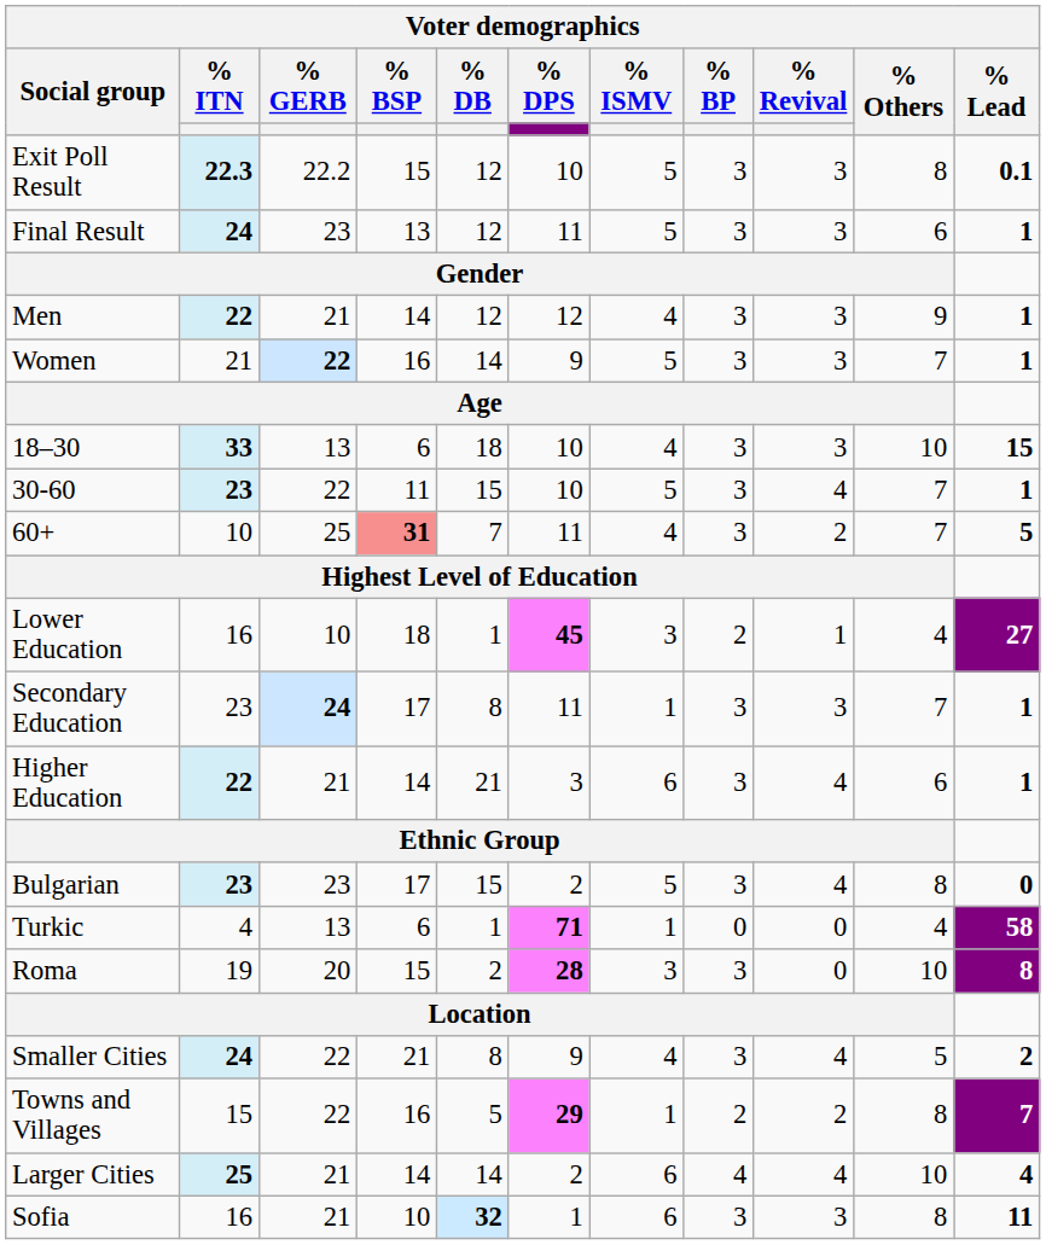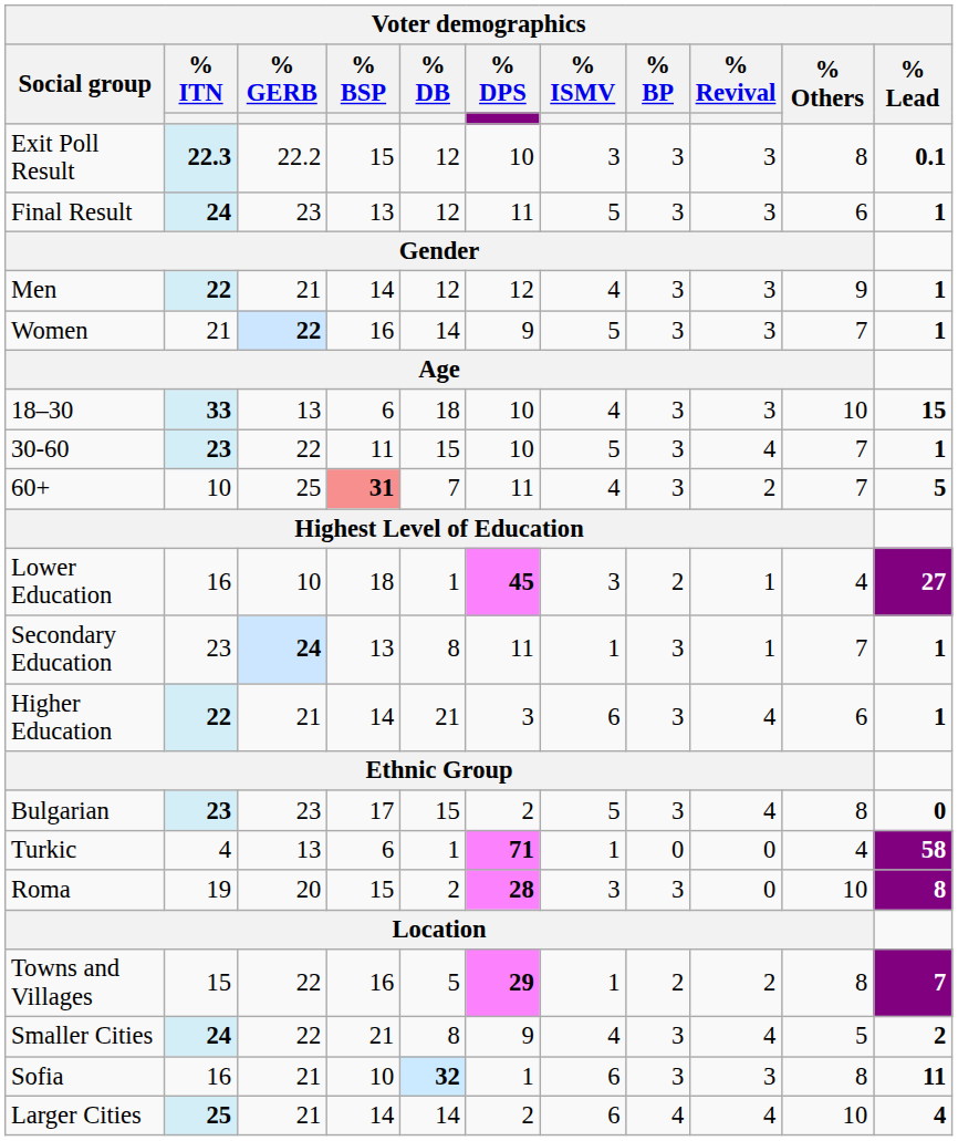 <table class=wikitable>
 <tr>
 <th colspan=11>Voter demographics</th>
 </tr>
 <tr>
 <th style="width:150px;" rowspan="2">Social group</th>
 <th style="width:60px;" class="unsortable">% <a href='#'>ITN</a></th>
 <th style="width:60px;" class="unsortable">% <a href='#'>GERB</a></th>
 <th style="width:60px;" class="unsortable">% <a href='#'>BSP</a></th>
 <th style="width:60px;" class="unsortable">% <a href='#'>DB</a></th>
 <th style="width:60px;" class="unsortable">% <a href='#'>DPS</a></th>
 <th style="width:60px;" class="unsortable">% <a href='#'>ISMV</a></th>
 <th style="width:60px;" class="unsortable">% <a href='#'>BP</a></th>
 <th>% <a href='#'>Revival</a></th>
 <th style="width:60px;" rowspan="2" class="unsortable">% Others</th>
 <th style="width:60px;" rowspan="2" class="unsortable">% Lead</th>
 </tr>
 <tr>
 <th class="unsortable" style="color:inherit;background:"></th>
 <th class="unsortable" style="color:inherit;background:"></th>
 <th class="unsortable" style="color:inherit;background:"></th>
 <th class="unsortable" style="color:inherit;background:"></th>
 <th class="unsortable" style="color:inherit;background:#800080;  width:60px;"></th>
 <th class="unsortable" style="color:inherit;background:"></th>
 <th class="unsortable" style="color:inherit;background:"></th>
 <th class="unsortable" style="color:inherit;background:"></th>
 </tr>
 <tr>
 <td>Exit Poll Result</td>
 <td style="text-align:right; background:#D4EEF7;"><strong>22.3</strong></td>
 <td style="text-align:right;">22.2</td>
 <td style="text-align:right;">15</td>
 <td style="text-align:right;">12</td>
 <td style="text-align:right;">10</td>
-<td style="text-align:right;">5</td>
+<td style="text-align:right;">3</td>
 <td style="text-align:right;">3</td>
 <td style="text-align:right;">3</td>
 <td style="text-align:right;">8</td>
 <td style="text-align:right; background:"><strong>0.1</strong></td>
 </tr>
 <tr>
 <td>Final Result</td>
 <td style="text-align:right; background:#D4EEF7;"><strong>24</strong></td>
 <td style="text-align:right;">23</td>
 <td style="text-align:right;">13</td>
 <td style="text-align:right;">12</td>
 <td style="text-align:right;">11</td>
 <td style="text-align:right;">5</td>
 <td style="text-align:right;">3</td>
 <td style="text-align:right;">3</td>
 <td style="text-align:right;">6</td>
 <td style="text-align:right; background:"><strong>1</strong></td>
 </tr>
 <tr>
 <th colspan=10>Gender</th>
 </tr>
 <tr>
 <td>Men</td>
 <td style="text-align:right; background:#D4EEF7;"><strong>22</strong></td>
 <td style="text-align:right;">21</td>
 <td style="text-align:right;">14</td>
 <td style="text-align:right;">12</td>
 <td style="text-align:right;">12</td>
 <td style="text-align:right;">4</td>
 <td style="text-align:right;">3</td>
 <td style="text-align:right;">3</td>
 <td style="text-align:right;">9</td>
 <td style="text-align:right; background:"><strong>1</strong></td>
 </tr>
 <tr>
 <td>Women</td>
 <td style="text-align:right;">21</td>
 <td style="text-align:right; background:#CCE6FF;"><strong>22</strong></td>
 <td style="text-align:right;">16</td>
 <td style="text-align:right;">14</td>
 <td style="text-align:right;">9</td>
 <td style="text-align:right;">5</td>
 <td style="text-align:right;">3</td>
 <td style="text-align:right;">3</td>
 <td style="text-align:right;">7</td>
 <td style="text-align:right; background:"><strong>1</strong></td>
 </tr>
 <tr>
 <th colspan=10>Age</th>
 </tr>
 <tr>
 <td>18–30</td>
 <td style="text-align:right; background:#D4EEF7;"><strong>33</strong></td>
 <td style="text-align:right;">13</td>
 <td style="text-align:right;">6</td>
 <td style="text-align:right;">18</td>
 <td style="text-align:right;">10</td>
 <td style="text-align:right;">4</td>
 <td style="text-align:right;">3</td>
 <td style="text-align:right;">3</td>
 <td style="text-align:right;">10</td>
 <td style="text-align:right; background:"><strong>15</strong></td>
 </tr>
 <tr>
 <td>30-60</td>
 <td style="text-align:right; background:#D4EEF7;"><strong>23</strong></td>
 <td style="text-align:right;">22</td>
 <td style="text-align:right;">11</td>
 <td style="text-align:right;">15</td>
 <td style="text-align:right;">10</td>
 <td style="text-align:right;">5</td>
 <td style="text-align:right;">3</td>
 <td style="text-align:right;">4</td>
 <td style="text-align:right;">7</td>
 <td style="text-align:right; background:"><strong>1</strong></td>
 </tr>
 <tr>
 <td>60+</td>
 <td style="text-align:right;">10</td>
 <td style="text-align:right;">25</td>
 <td style="text-align:right; background:#F78F8F;"><strong>31</strong></td>
 <td style="text-align:right;">7</td>
 <td style="text-align:right;">11</td>
 <td style="text-align:right;">4</td>
 <td style="text-align:right;">3</td>
 <td style="text-align:right;">2</td>
 <td style="text-align:right;">7</td>
 <td style="text-align:right; background:"><strong>5</strong></td>
 </tr>
 <tr>
 <th colspan=10>Highest Level of Education</th>
 </tr>
 <tr>
 <td>Lower Education</td>
 <td style="text-align:right;">16</td>
 <td style="text-align:right;">10</td>
 <td style="text-align:right;">18</td>
 <td style="text-align:right;">1</td>
 <td style="text-align:right; background:#FC81FC"><strong>45</strong></td>
 <td style="text-align:right;">3</td>
 <td style="text-align:right;">2</td>
 <td style="text-align:right;">1</td>
 <td style="text-align:right;">4</td>
 <td style="text-align:right; background:#800080; color:white;"><strong>27</strong></td>
 </tr>
 <tr>
 <td>Secondary Education</td>
 <td style="text-align:right;">23</td>
 <td style="text-align:right; background:#CCE6FF;"><strong>24</strong></td>
-<td style="text-align:right;">17</td>
+<td style="text-align:right;">13</td>
 <td style="text-align:right;">8</td>
 <td style="text-align:right;">11</td>
 <td style="text-align:right;">1</td>
 <td style="text-align:right;">3</td>
-<td style="text-align:right;">3</td>
+<td style="text-align:right;">1</td>
 <td style="text-align:right;">7</td>
 <td style="text-align:right; background:"><strong>1</strong></td>
 </tr>
 <tr>
 <td>Higher Education</td>
 <td style="text-align:right; background:#D4EEF7;"><strong>22</strong></td>
 <td style="text-align:right;">21</td>
 <td style="text-align:right;">14</td>
 <td style="text-align:right;">21</td>
 <td style="text-align:right;">3</td>
 <td style="text-align:right;">6</td>
 <td style="text-align:right;">3</td>
 <td style="text-align:right;">4</td>
 <td style="text-align:right;">6</td>
 <td style="text-align:right; background:"><strong>1</strong></td>
 </tr>
 <tr>
 <th colspan=10>Ethnic Group</th>
 </tr>
 <tr>
 <td>Bulgarian</td>
 <td style="text-align:right; background:#D4EEF7;"><strong>23</strong></td>
 <td style="text-align:right;">23</td>
 <td style="text-align:right;">17</td>
 <td style="text-align:right;">15</td>
 <td style="text-align:right;">2</td>
 <td style="text-align:right;">5</td>
 <td style="text-align:right;">3</td>
 <td style="text-align:right;">4</td>
 <td style="text-align:right;">8</td>
 <td style="text-align:right; background:"><strong>0</strong></td>
 </tr>
 <tr>
 <td>Turkic</td>
 <td style="text-align:right;">4</td>
 <td style="text-align:right;">13</td>
 <td style="text-align:right;">6</td>
 <td style="text-align:right;">1</td>
 <td style="text-align:right; background:#FC81FC"><strong>71</strong></td>
 <td style="text-align:right;">1</td>
 <td style="text-align:right;">0</td>
 <td style="text-align:right;">0</td>
 <td style="text-align:right;">4</td>
 <td style="text-align:right; background:#800080; color:white;"><strong>58</strong></td>
 </tr>
 <tr>
 <td>Roma</td>
 <td style="text-align:right;">19</td>
 <td style="text-align:right;">20</td>
 <td style="text-align:right;">15</td>
 <td style="text-align:right;">2</td>
 <td style="text-align:right; background:#FC81FC"><strong>28</strong></td>
 <td style="text-align:right;">3</td>
 <td style="text-align:right;">3</td>
 <td style="text-align:right;">0</td>
 <td style="text-align:right;">10</td>
 <td style="text-align:right; background:#800080; color:white;"><strong>8</strong></td>
 </tr>
 <tr>
 <th colspan=10>Location</th>
 </tr>
 <tr>
+<td>Towns and Villages</td>
+<td style="text-align:right;">15</td>
+<td style="text-align:right;">22</td>
+<td style="text-align:right;">16</td>
+<td style="text-align:right;">5</td>
+<td style="text-align:right; background:#FC81FC"><strong>29</strong></td>
+<td style="text-align:right;">1</td>
+<td style="text-align:right;">2</td>
+<td style="text-align:right;">2</td>
+<td style="text-align:right;">8</td>
+<td style="text-align:right; background:#800080; color:white;"><strong>7</strong></td>
+</tr>
+<tr>
 <td>Smaller Cities</td>
 <td style="text-align:right; background:#D4EEF7;"><strong>24</strong></td>
 <td style="text-align:right;">22</td>
 <td style="text-align:right;">21</td>
 <td style="text-align:right;">8</td>
 <td style="text-align:right;">9</td>
 <td style="text-align:right;">4</td>
 <td style="text-align:right;">3</td>
 <td style="text-align:right;">4</td>
 <td style="text-align:right;">5</td>
 <td style="text-align:right; background:"><strong>2</strong></td>
 </tr>
 <tr>
-<td>Towns and Villages</td>
-<td style="text-align:right;">15</td>
-<td style="text-align:right;">22</td>
+<td>Sofia</td>
 <td style="text-align:right;">16</td>
-<td style="text-align:right;">5</td>
-<td style="text-align:right; background:#FC81FC"><strong>29</strong></td>
+<td style="text-align:right;">21</td>
+<td style="text-align:right;">10</td>
+<td style="text-align:right; background:#CCEAFF;"><strong>32</strong></td>
 <td style="text-align:right;">1</td>
-<td style="text-align:right;">2</td>
-<td style="text-align:right;">2</td>
+<td style="text-align:right;">6</td>
+<td style="text-align:right;">3</td>
+<td style="text-align:right;">3</td>
 <td style="text-align:right;">8</td>
-<td style="text-align:right; background:#800080; color:white;"><strong>7</strong></td>
+<td style="text-align:right; background:"><strong>11</strong></td>
 </tr>
 <tr>
 <td>Larger Cities</td>
 <td style="text-align:right; background:#D4EEF7;"><strong>25</strong></td>
 <td style="text-align:right;">21</td>
 <td style="text-align:right;">14</td>
 <td style="text-align:right;">14</td>
 <td style="text-align:right;">2</td>
 <td style="text-align:right;">6</td>
 <td style="text-align:right;">4</td>
 <td style="text-align:right;">4</td>
 <td style="text-align:right;">10</td>
 <td style="text-align:right; background:"><strong>4</strong></td>
 </tr>
-<tr>
-<td>Sofia</td>
-<td style="text-align:right;">16</td>
-<td style="text-align:right;">21</td>
-<td style="text-align:right;">10</td>
-<td style="text-align:right; background:#CCEAFF;"><strong>32</strong></td>
-<td style="text-align:right;">1</td>
-<td style="text-align:right;">6</td>
-<td style="text-align:right;">3</td>
-<td style="text-align:right;">3</td>
-<td style="text-align:right;">8</td>
-<td style="text-align:right; background:"><strong>11</strong></td>
-</tr>
 </table>
